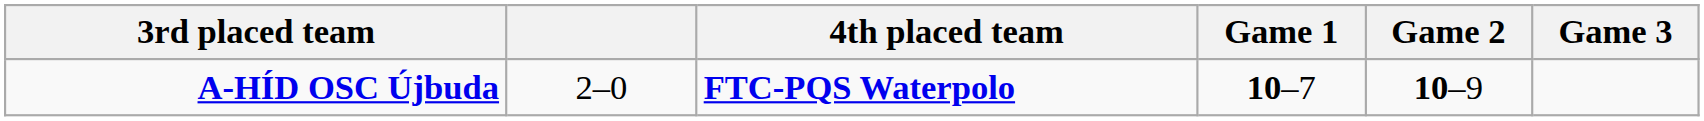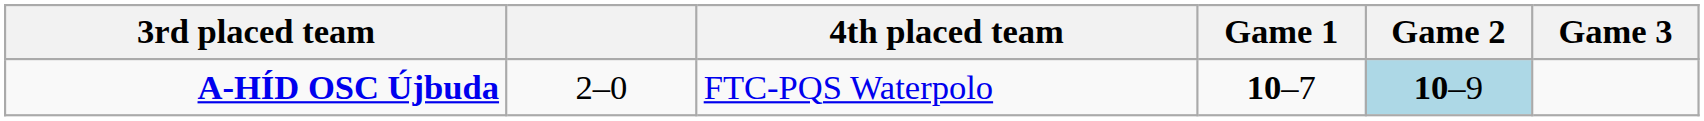 <table class=wikitable style="text-align:center">
 <tr>
 <th width=225>3rd placed team</th>
 <th width=80></th>
 <th width=225>4th placed team</th>
 <th width=70>Game 1</th>
 <th width=70>Game 2</th>
 <th width=70>Game 3</th>
 </tr>
 <tr>
 <td align=right><strong><a href='#'>A-HÍD OSC Újbuda</a></strong> </td>
 <td>2–0</td>
-<td align=left><strong> <a href='#'>FTC-PQS Waterpolo</a></strong></td>
+<td align=left> <a href='#'>FTC-PQS Waterpolo</a></td>
 <td><strong>10</strong>–7</td>
-<td><strong>10</strong>–9</td>
+<td style="background: lightblue;"><strong>10</strong>–9</td>
 </tr>
 </table>
